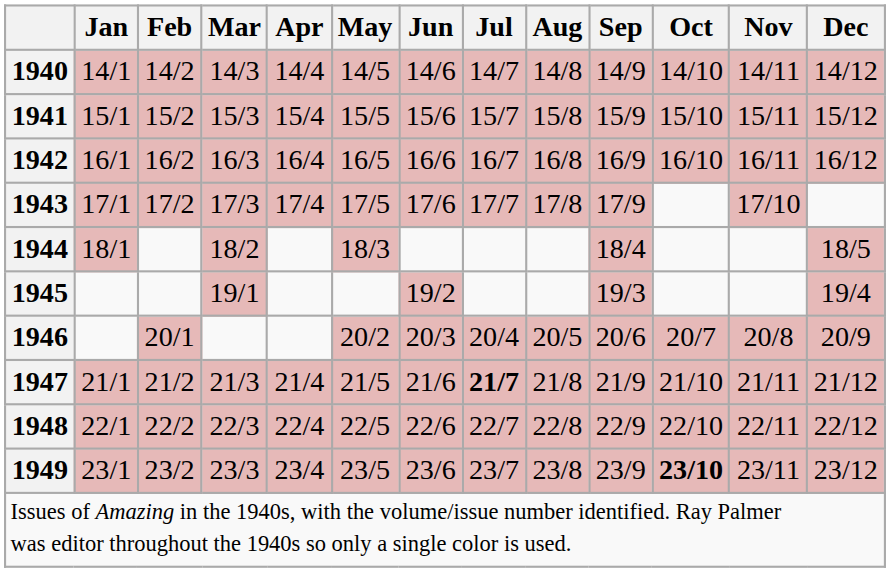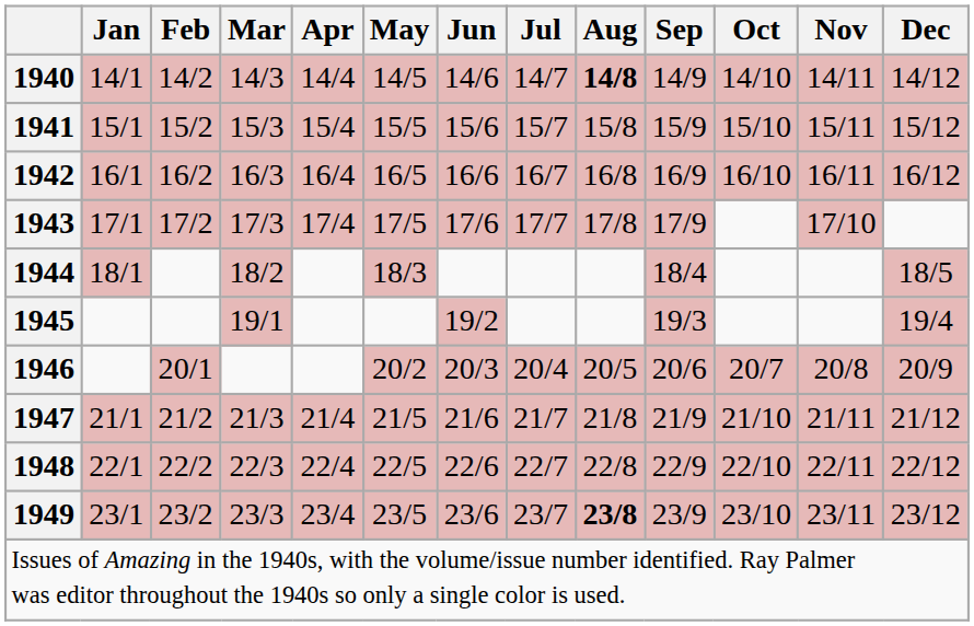 <table class="wikitable" style="font-size: 10pt; line-height: 11pt; margin-right: 2em; text-align: center; float: left">
 <tr>
 <th></th>
 <th>Jan</th>
 <th>Feb</th>
 <th>Mar</th>
 <th>Apr</th>
 <th>May</th>
 <th>Jun</th>
 <th>Jul</th>
 <th>Aug</th>
 <th>Sep</th>
 <th>Oct</th>
 <th>Nov</th>
 <th>Dec</th>
 </tr>
 <tr>
 <th>1940</th>
 <td bgcolor=#e6b9b8>14/1</td>
 <td bgcolor=#e6b9b8>14/2</td>
 <td bgcolor=#e6b9b8>14/3</td>
 <td bgcolor=#e6b9b8>14/4</td>
 <td bgcolor=#e6b9b8>14/5</td>
 <td bgcolor=#e6b9b8>14/6</td>
 <td bgcolor=#e6b9b8>14/7</td>
-<td bgcolor=#e6b9b8>14/8</td>
+<td bgcolor=#e6b9b8><strong>14/8</strong></td>
 <td bgcolor=#e6b9b8>14/9</td>
 <td bgcolor=#e6b9b8>14/10</td>
 <td bgcolor=#e6b9b8>14/11</td>
 <td bgcolor=#e6b9b8>14/12</td>
 </tr>
 <tr>
 <th>1941</th>
 <td bgcolor=#e6b9b8>15/1</td>
 <td bgcolor=#e6b9b8>15/2</td>
 <td bgcolor=#e6b9b8>15/3</td>
 <td bgcolor=#e6b9b8>15/4</td>
 <td bgcolor=#e6b9b8>15/5</td>
 <td bgcolor=#e6b9b8>15/6</td>
 <td bgcolor=#e6b9b8>15/7</td>
 <td bgcolor=#e6b9b8>15/8</td>
 <td bgcolor=#e6b9b8>15/9</td>
 <td bgcolor=#e6b9b8>15/10</td>
 <td bgcolor=#e6b9b8>15/11</td>
 <td bgcolor=#e6b9b8>15/12</td>
 </tr>
 <tr>
 <th>1942</th>
 <td bgcolor=#e6b9b8>16/1</td>
 <td bgcolor=#e6b9b8>16/2</td>
 <td bgcolor=#e6b9b8>16/3</td>
 <td bgcolor=#e6b9b8>16/4</td>
 <td bgcolor=#e6b9b8>16/5</td>
 <td bgcolor=#e6b9b8>16/6</td>
 <td bgcolor=#e6b9b8>16/7</td>
 <td bgcolor=#e6b9b8>16/8</td>
 <td bgcolor=#e6b9b8>16/9</td>
 <td bgcolor=#e6b9b8>16/10</td>
 <td bgcolor=#e6b9b8>16/11</td>
 <td bgcolor=#e6b9b8>16/12</td>
 </tr>
 <tr>
 <th>1943</th>
 <td bgcolor=#e6b9b8>17/1</td>
 <td bgcolor=#e6b9b8>17/2</td>
 <td bgcolor=#e6b9b8>17/3</td>
 <td bgcolor=#e6b9b8>17/4</td>
 <td bgcolor=#e6b9b8>17/5</td>
 <td bgcolor=#e6b9b8>17/6</td>
 <td bgcolor=#e6b9b8>17/7</td>
 <td bgcolor=#e6b9b8>17/8</td>
 <td bgcolor=#e6b9b8>17/9</td>
 <td></td>
 <td bgcolor=#e6b9b8>17/10</td>
 <td></td>
 </tr>
 <tr>
 <th>1944</th>
 <td bgcolor=#e6b9b8>18/1</td>
 <td></td>
 <td bgcolor=#e6b9b8>18/2</td>
 <td></td>
 <td bgcolor=#e6b9b8>18/3</td>
 <td></td>
 <td></td>
 <td></td>
 <td bgcolor=#e6b9b8>18/4</td>
 <td></td>
 <td></td>
 <td bgcolor=#e6b9b8>18/5</td>
 </tr>
 <tr>
 <th>1945</th>
 <td></td>
 <td></td>
 <td bgcolor=#e6b9b8>19/1</td>
 <td></td>
 <td></td>
 <td bgcolor=#e6b9b8>19/2</td>
 <td></td>
 <td></td>
 <td bgcolor=#e6b9b8>19/3</td>
 <td></td>
 <td></td>
 <td bgcolor=#e6b9b8>19/4</td>
 </tr>
 <tr>
 <th>1946</th>
 <td></td>
 <td bgcolor=#e6b9b8>20/1</td>
 <td></td>
 <td></td>
 <td bgcolor=#e6b9b8>20/2</td>
 <td bgcolor=#e6b9b8>20/3</td>
 <td bgcolor=#e6b9b8>20/4</td>
 <td bgcolor=#e6b9b8>20/5</td>
 <td bgcolor=#e6b9b8>20/6</td>
 <td bgcolor=#e6b9b8>20/7</td>
 <td bgcolor=#e6b9b8>20/8</td>
 <td bgcolor=#e6b9b8>20/9</td>
 </tr>
 <tr>
 <th>1947</th>
 <td bgcolor=#e6b9b8>21/1</td>
 <td bgcolor=#e6b9b8>21/2</td>
 <td bgcolor=#e6b9b8>21/3</td>
 <td bgcolor=#e6b9b8>21/4</td>
 <td bgcolor=#e6b9b8>21/5</td>
 <td bgcolor=#e6b9b8>21/6</td>
-<td bgcolor=#e6b9b8><strong>21/7</strong></td>
+<td bgcolor=#e6b9b8>21/7</td>
 <td bgcolor=#e6b9b8>21/8</td>
 <td bgcolor=#e6b9b8>21/9</td>
 <td bgcolor=#e6b9b8>21/10</td>
 <td bgcolor=#e6b9b8>21/11</td>
 <td bgcolor=#e6b9b8>21/12</td>
 </tr>
 <tr>
 <th>1948</th>
 <td bgcolor=#e6b9b8>22/1</td>
 <td bgcolor=#e6b9b8>22/2</td>
 <td bgcolor=#e6b9b8>22/3</td>
 <td bgcolor=#e6b9b8>22/4</td>
 <td bgcolor=#e6b9b8>22/5</td>
 <td bgcolor=#e6b9b8>22/6</td>
 <td bgcolor=#e6b9b8>22/7</td>
 <td bgcolor=#e6b9b8>22/8</td>
 <td bgcolor=#e6b9b8>22/9</td>
 <td bgcolor=#e6b9b8>22/10</td>
 <td bgcolor=#e6b9b8>22/11</td>
 <td bgcolor=#e6b9b8>22/12</td>
 </tr>
 <tr>
 <th>1949</th>
 <td bgcolor=#e6b9b8>23/1</td>
 <td bgcolor=#e6b9b8>23/2</td>
 <td bgcolor=#e6b9b8>23/3</td>
 <td bgcolor=#e6b9b8>23/4</td>
 <td bgcolor=#e6b9b8>23/5</td>
 <td bgcolor=#e6b9b8>23/6</td>
 <td bgcolor=#e6b9b8>23/7</td>
-<td bgcolor=#e6b9b8>23/8</td>
+<td bgcolor=#e6b9b8><strong>23/8</strong></td>
 <td bgcolor=#e6b9b8>23/9</td>
-<td bgcolor=#e6b9b8><strong>23/10</strong></td>
+<td bgcolor=#e6b9b8>23/10</td>
 <td bgcolor=#e6b9b8>23/11</td>
 <td bgcolor=#e6b9b8>23/12</td>
 </tr>
 <tr>
 <td colspan="13" style="font-size: 8pt; text-align:left">Issues of <em>Amazing</em> in the 1940s, with the volume/issue number identified. Ray Palmer<br>was editor throughout the 1940s so only a single color is used.</td>
 </tr>
 </table>
